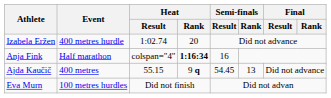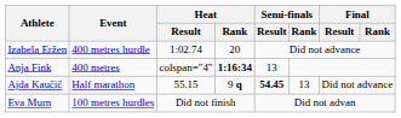 <table class="wikitable" style="font-size:90%; text-align:center">
 <tr>
 <th rowspan="2">Athlete</th>
 <th rowspan="2">Event</th>
 <th colspan="2">Heat</th>
 <th colspan="2">Semi-finals</th>
 <th colspan="2">Final</th>
 </tr>
 <tr>
 <th>Result</th>
 <th>Rank</th>
 <th>Result</th>
 <th>Rank</th>
 <th>Result</th>
 <th>Rank</th>
 </tr>
 <tr>
 <td align="left"><a href='#'>Izabela Eržen</a></td>
 <td align="left"><a href='#'>400 metres hurdle</a></td>
 <td>1:02.74</td>
 <td>20</td>
 <td colspan="4">Did not advance</td>
 </tr>
 <tr>
 <td align="left"><a href='#'>Anja Fink</a></td>
-<td align="left"><a href='#'>Half marathon</a></td>
+<td align="left"><a href='#'>400 metres</a></td>
 <td>colspan="4" </td>
 <td><strong>1:16:34</strong></td>
-<td>16</td>
+<td>13</td>
 </tr>
 <tr>
 <td align="left"><a href='#'>Ajda Kaučič</a></td>
-<td align="left"><a href='#'>400 metres</a></td>
+<td align="left"><a href='#'>Half marathon</a></td>
 <td>55.15</td>
 <td>9 <strong>q</strong></td>
-<td>54.45</td>
+<td><strong>54.45</strong></td>
 <td>13</td>
 <td colspan="2">Did not advance</td>
 </tr>
 <tr>
 <td align="left"><a href='#'>Eva Murn</a></td>
 <td align="left"><a href='#'>100 metres hurdles</a></td>
 <td colspan="2">Did not finish</td>
 <td colspan="4">Did not advan</td>
 </tr>
 </table>
